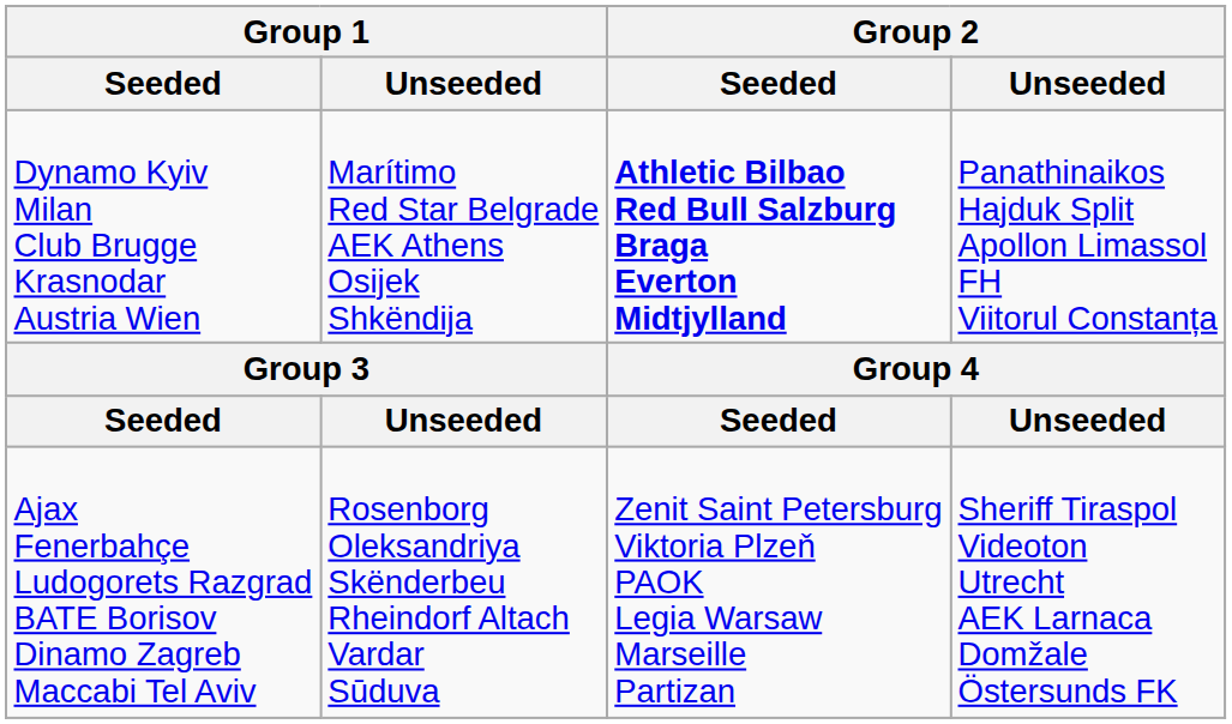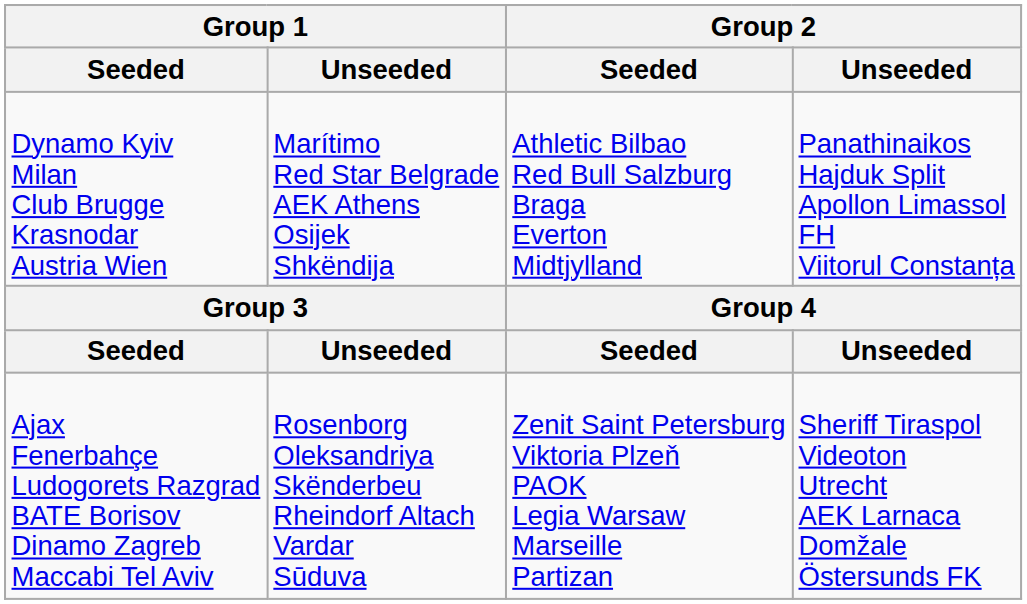 <table class="wikitable" style="font-size:85%">
 <tr>
 <th colspan=2>Group 1</th>
 <th colspan=2>Group 2</th>
 </tr>
 <tr>
 <th>Seeded</th>
 <th>Unseeded</th>
 <th>Seeded</th>
 <th>Unseeded</th>
 </tr>
 <tr>
 <td valign=top><br> <a href='#'>Dynamo Kyiv</a> <br>  <a href='#'>Milan</a> <br>  <a href='#'>Club Brugge</a> <br>  <a href='#'>Krasnodar</a> <br>  <a href='#'>Austria Wien</a> </td>
 <td valign=top><br> <a href='#'>Marítimo</a> <br>  <a href='#'>Red Star Belgrade</a> <br>  <a href='#'>AEK Athens</a> <br>  <a href='#'>Osijek</a> <br>  <a href='#'>Shkëndija</a> </td>
-<td valign=top><strong><br> <a href='#'>Athletic Bilbao</a> <br>  <a href='#'>Red Bull Salzburg</a> <br>  <a href='#'>Braga</a> <br>  <a href='#'>Everton</a> <br>  <a href='#'>Midtjylland</a> </strong></td>
+<td valign=top><br> <a href='#'>Athletic Bilbao</a> <br>  <a href='#'>Red Bull Salzburg</a> <br>  <a href='#'>Braga</a> <br>  <a href='#'>Everton</a> <br>  <a href='#'>Midtjylland</a> </td>
 <td valign=top><br> <a href='#'>Panathinaikos</a> <br>  <a href='#'>Hajduk Split</a> <br>  <a href='#'>Apollon Limassol</a> <br>  <a href='#'>FH</a> <br>  <a href='#'>Viitorul Constanța</a> </td>
 </tr>
 <tr>
 <th colspan=2>Group 3</th>
 <th colspan=2>Group 4</th>
 </tr>
 <tr>
 <th>Seeded</th>
 <th>Unseeded</th>
 <th>Seeded</th>
 <th>Unseeded</th>
 </tr>
 <tr>
 <td valign=top><br> <a href='#'>Ajax</a> <br>  <a href='#'>Fenerbahçe</a> <br>  <a href='#'>Ludogorets Razgrad</a> <br>  <a href='#'>BATE Borisov</a> <br>  <a href='#'>Dinamo Zagreb</a> <br>  <a href='#'>Maccabi Tel Aviv</a> </td>
 <td valign=top><br> <a href='#'>Rosenborg</a> <br>  <a href='#'>Oleksandriya</a> <br>  <a href='#'>Skënderbeu</a> <br>  <a href='#'>Rheindorf Altach</a> <br>  <a href='#'>Vardar</a> <br>  <a href='#'>Sūduva</a> </td>
 <td valign=top><br> <a href='#'>Zenit Saint Petersburg</a> <br>  <a href='#'>Viktoria Plzeň</a> <br>  <a href='#'>PAOK</a> <br>  <a href='#'>Legia Warsaw</a> <br>  <a href='#'>Marseille</a> <br>  <a href='#'>Partizan</a> </td>
 <td valign=top><br> <a href='#'>Sheriff Tiraspol</a> <br>  <a href='#'>Videoton</a> <br>  <a href='#'>Utrecht</a> <br>  <a href='#'>AEK Larnaca</a> <br>  <a href='#'>Domžale</a> <br>  <a href='#'>Östersunds FK</a> </td>
 </tr>
 </table>
